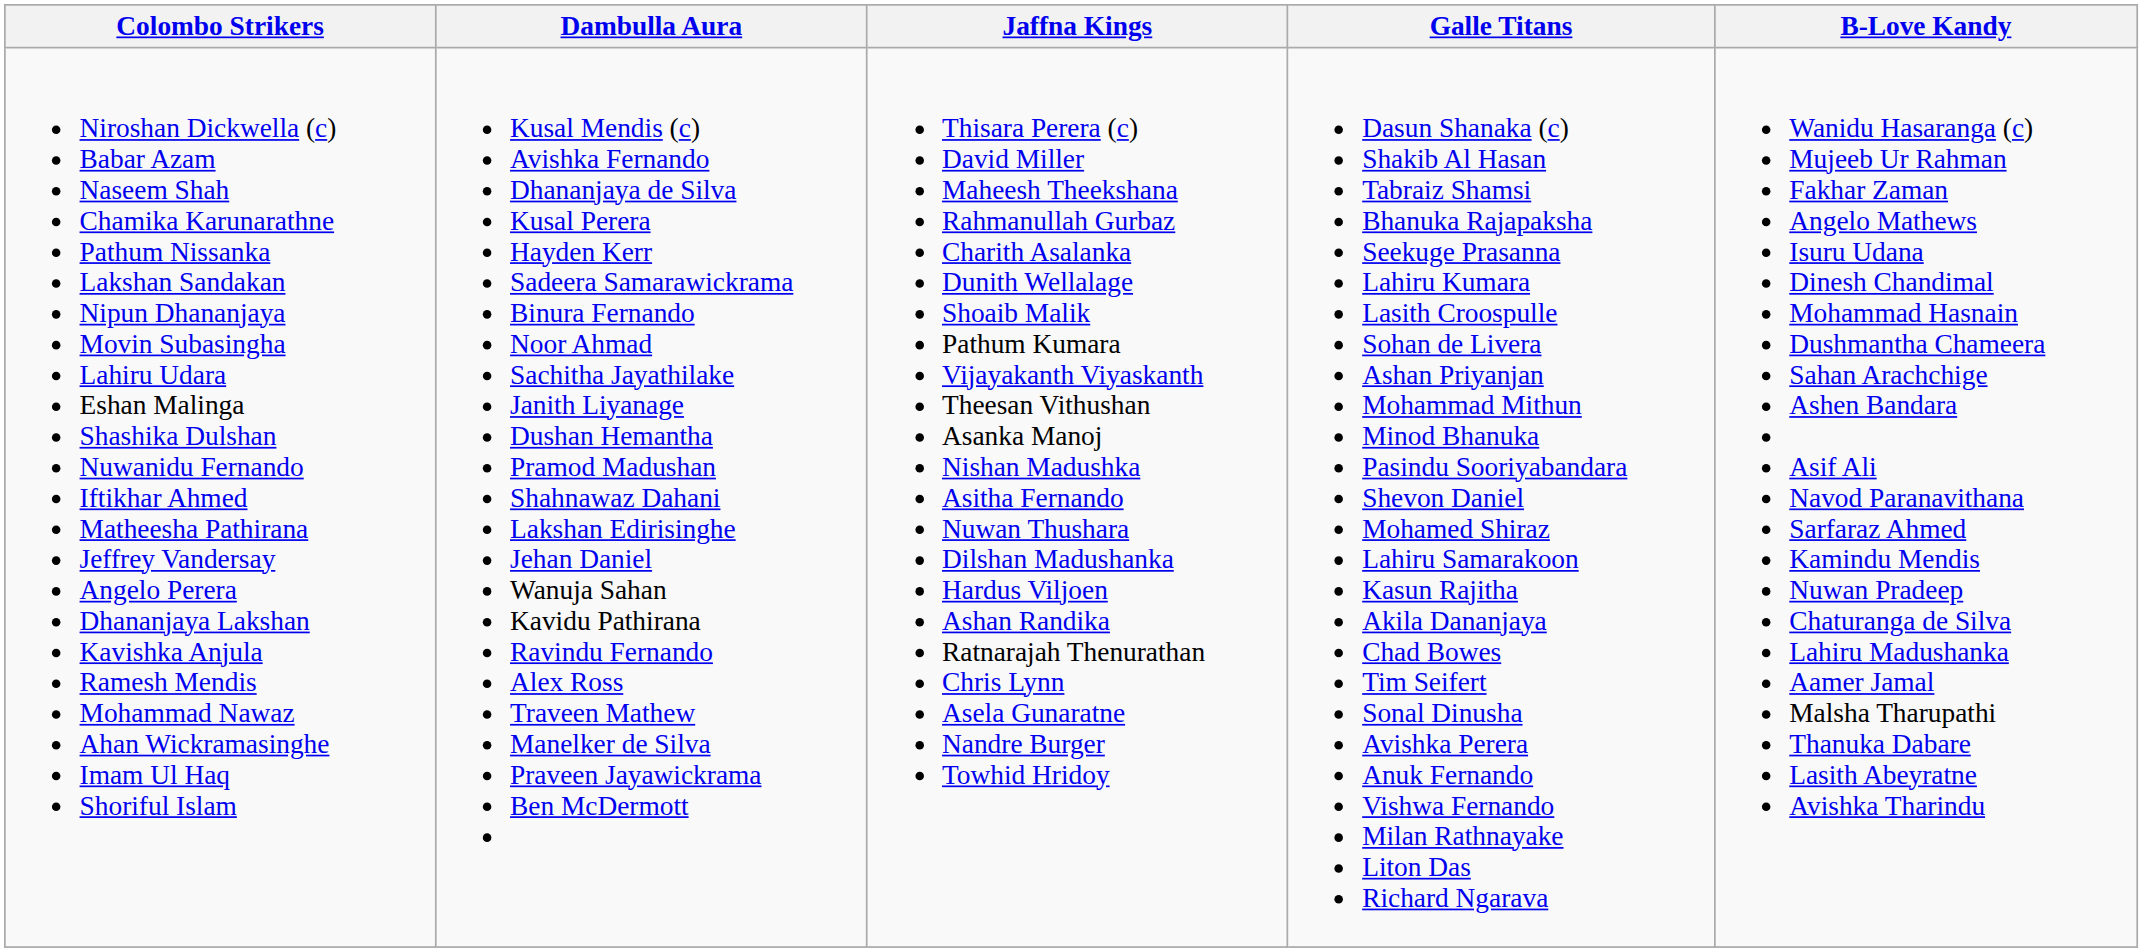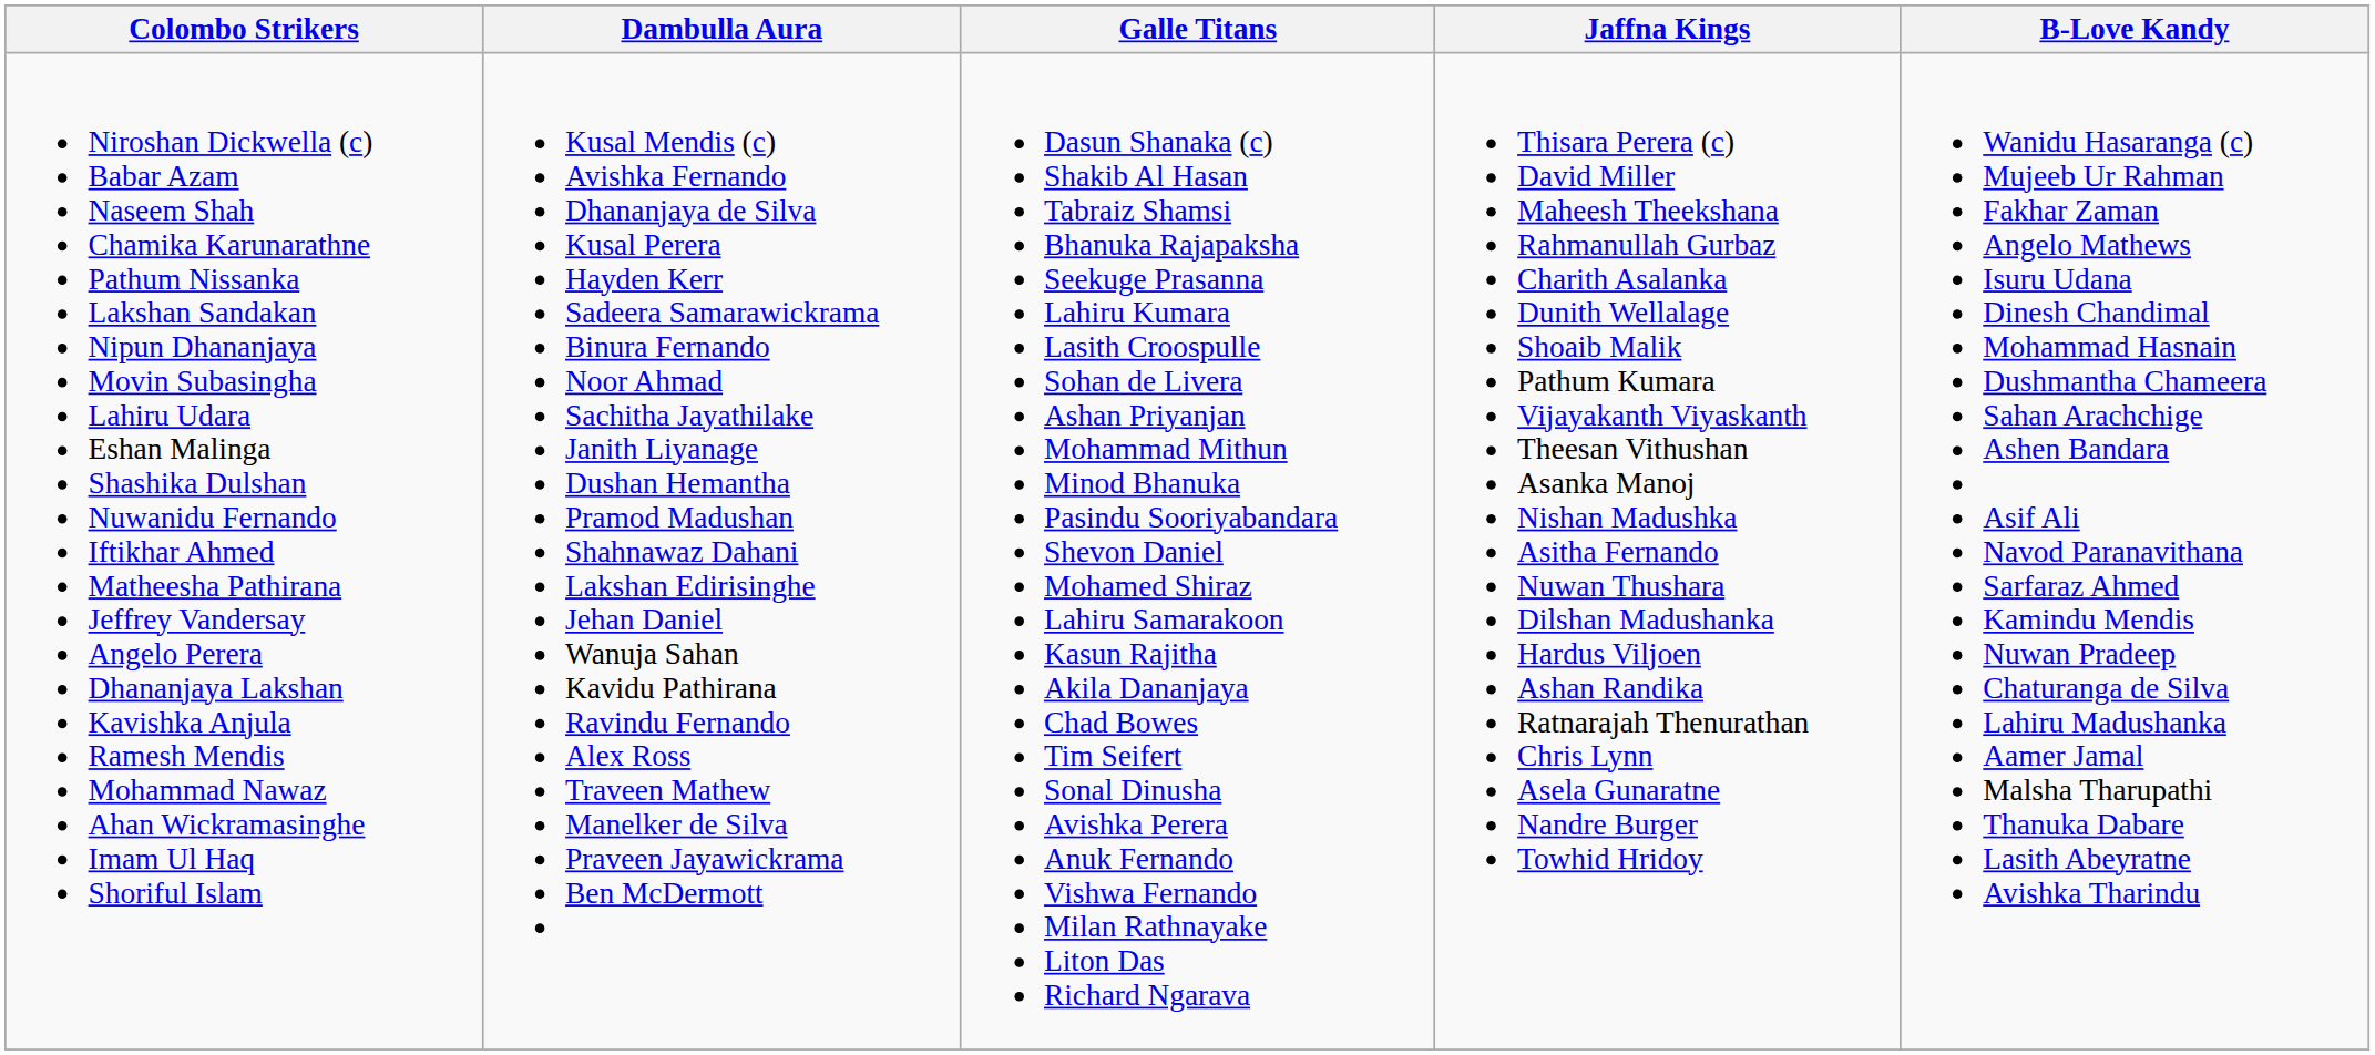 <table class="wikitable">
 <tr>
 <th style="width:280px;"><a href='#'>Colombo Strikers</a></th>
 <th style="width:280px;"><a href='#'>Dambulla Aura</a></th>
+<th style="width:280px;"><a href='#'>Galle Titans</a></th>
 <th style="width:280px;"><a href='#'>Jaffna Kings</a></th>
-<th style="width:280px;"><a href='#'>Galle Titans</a></th>
 <th style="width:280px;"><a href='#'>B-Love Kandy</a></th>
 </tr>
 <tr>
 <td valign=top><br><ul><li><a href='#'>Niroshan Dickwella</a> (<a href='#'>c</a>)</li><li><a href='#'>Babar Azam</a></li><li><a href='#'>Naseem Shah</a></li><li><a href='#'>Chamika Karunarathne</a></li><li><a href='#'>Pathum Nissanka</a></li><li><a href='#'>Lakshan Sandakan</a></li><li><a href='#'>Nipun Dhananjaya</a></li><li><a href='#'>Movin Subasingha</a></li><li><a href='#'>Lahiru Udara</a></li><li>Eshan Malinga</li><li><a href='#'>Shashika Dulshan</a></li><li><a href='#'>Nuwanidu Fernando</a></li><li><a href='#'>Iftikhar Ahmed</a></li><li><a href='#'>Matheesha Pathirana</a></li><li><a href='#'>Jeffrey Vandersay</a></li><li><a href='#'>Angelo Perera</a></li><li><a href='#'>Dhananjaya Lakshan</a></li><li><a href='#'>Kavishka Anjula</a></li><li><a href='#'>Ramesh Mendis</a></li><li><a href='#'>Mohammad Nawaz</a></li><li><a href='#'>Ahan Wickramasinghe</a></li><li><a href='#'>Imam Ul Haq</a></li><li><a href='#'>Shoriful Islam</a></li></ul></td>
 <td valign=top><br><ul><li><a href='#'>Kusal Mendis</a> (<a href='#'>c</a>)</li><li><a href='#'>Avishka Fernando</a></li><li><a href='#'>Dhananjaya de Silva</a></li><li><a href='#'>Kusal Perera</a></li><li><a href='#'>Hayden Kerr</a></li><li><a href='#'>Sadeera Samarawickrama</a></li><li><a href='#'>Binura Fernando</a></li><li><a href='#'>Noor Ahmad</a></li><li><a href='#'>Sachitha Jayathilake</a></li><li><a href='#'>Janith Liyanage</a></li><li><a href='#'>Dushan Hemantha</a></li><li><a href='#'>Pramod Madushan</a></li><li><a href='#'>Shahnawaz Dahani</a></li><li><a href='#'>Lakshan Edirisinghe</a></li><li><a href='#'>Jehan Daniel</a></li><li>Wanuja Sahan</li><li>Kavidu Pathirana</li><li><a href='#'>Ravindu Fernando</a></li><li><a href='#'>Alex Ross</a></li><li><a href='#'>Traveen Mathew</a></li><li><a href='#'>Manelker de Silva</a></li><li><a href='#'>Praveen Jayawickrama</a></li><li><a href='#'>Ben McDermott</a></li><li></li></ul></td>
+<td valign=top><br><ul><li><a href='#'>Dasun  Shanaka</a> (<a href='#'>c</a>)</li><li><a href='#'>Shakib Al Hasan</a></li><li><a href='#'>Tabraiz Shamsi</a></li><li><a href='#'>Bhanuka Rajapaksha</a></li><li><a href='#'>Seekuge Prasanna</a></li><li><a href='#'>Lahiru Kumara</a></li><li><a href='#'>Lasith Croospulle</a></li><li><a href='#'>Sohan de Livera</a></li><li><a href='#'>Ashan Priyanjan</a></li><li><a href='#'>Mohammad Mithun</a></li><li><a href='#'>Minod Bhanuka</a></li><li><a href='#'>Pasindu Sooriyabandara</a></li><li><a href='#'>Shevon Daniel</a></li><li><a href='#'>Mohamed Shiraz</a></li><li><a href='#'>Lahiru Samarakoon</a></li><li><a href='#'>Kasun Rajitha</a></li><li><a href='#'>Akila Dananjaya</a></li><li><a href='#'>Chad Bowes</a></li><li><a href='#'>Tim Seifert</a></li><li><a href='#'>Sonal Dinusha</a></li><li><a href='#'>Avishka Perera</a></li><li><a href='#'>Anuk Fernando</a></li><li><a href='#'>Vishwa Fernando</a></li><li><a href='#'>Milan Rathnayake</a></li><li><a href='#'>Liton Das</a></li><li><a href='#'>Richard Ngarava</a></li></ul></td>
 <td valign=top><br><ul><li><a href='#'>Thisara Perera</a> (<a href='#'>c</a>)</li><li><a href='#'>David Miller</a></li><li><a href='#'>Maheesh Theekshana</a></li><li><a href='#'>Rahmanullah Gurbaz</a></li><li><a href='#'>Charith Asalanka</a></li><li><a href='#'>Dunith Wellalage</a></li><li><a href='#'>Shoaib Malik</a></li><li>Pathum Kumara</li><li><a href='#'>Vijayakanth Viyaskanth</a></li><li>Theesan Vithushan</li><li>Asanka Manoj</li><li><a href='#'>Nishan Madushka</a></li><li><a href='#'>Asitha Fernando</a></li><li><a href='#'>Nuwan Thushara</a></li><li><a href='#'>Dilshan Madushanka</a></li><li><a href='#'>Hardus Viljoen</a></li><li><a href='#'>Ashan Randika</a></li><li>Ratnarajah Thenurathan</li><li><a href='#'>Chris Lynn</a></li><li><a href='#'>Asela Gunaratne</a></li><li><a href='#'>Nandre Burger</a></li><li><a href='#'>Towhid Hridoy</a></li></ul></td>
-<td valign=top><br><ul><li><a href='#'>Dasun  Shanaka</a> (<a href='#'>c</a>)</li><li><a href='#'>Shakib Al Hasan</a></li><li><a href='#'>Tabraiz Shamsi</a></li><li><a href='#'>Bhanuka Rajapaksha</a></li><li><a href='#'>Seekuge Prasanna</a></li><li><a href='#'>Lahiru Kumara</a></li><li><a href='#'>Lasith Croospulle</a></li><li><a href='#'>Sohan de Livera</a></li><li><a href='#'>Ashan Priyanjan</a></li><li><a href='#'>Mohammad Mithun</a></li><li><a href='#'>Minod Bhanuka</a></li><li><a href='#'>Pasindu Sooriyabandara</a></li><li><a href='#'>Shevon Daniel</a></li><li><a href='#'>Mohamed Shiraz</a></li><li><a href='#'>Lahiru Samarakoon</a></li><li><a href='#'>Kasun Rajitha</a></li><li><a href='#'>Akila Dananjaya</a></li><li><a href='#'>Chad Bowes</a></li><li><a href='#'>Tim Seifert</a></li><li><a href='#'>Sonal Dinusha</a></li><li><a href='#'>Avishka Perera</a></li><li><a href='#'>Anuk Fernando</a></li><li><a href='#'>Vishwa Fernando</a></li><li><a href='#'>Milan Rathnayake</a></li><li><a href='#'>Liton Das</a></li><li><a href='#'>Richard Ngarava</a></li></ul></td>
 <td valign=top><br><ul><li><a href='#'>Wanidu Hasaranga</a> (<a href='#'>c</a>)</li><li><a href='#'>Mujeeb Ur Rahman</a></li><li><a href='#'>Fakhar Zaman</a></li><li><a href='#'>Angelo Mathews</a></li><li><a href='#'>Isuru Udana</a></li><li><a href='#'>Dinesh Chandimal</a></li><li><a href='#'>Mohammad Hasnain</a></li><li><a href='#'>Dushmantha Chameera</a></li><li><a href='#'>Sahan Arachchige</a></li><li><a href='#'>Ashen Bandara</a></li><li></li><li><a href='#'>Asif Ali</a></li><li><a href='#'>Navod Paranavithana</a></li><li><a href='#'>Sarfaraz Ahmed</a></li><li><a href='#'>Kamindu Mendis</a></li><li><a href='#'>Nuwan Pradeep</a></li><li><a href='#'>Chaturanga de Silva</a></li><li><a href='#'>Lahiru Madushanka</a></li><li><a href='#'>Aamer Jamal</a></li><li>Malsha Tharupathi</li><li><a href='#'>Thanuka Dabare</a></li><li><a href='#'>Lasith Abeyratne</a></li><li><a href='#'>Avishka Tharindu</a></li></ul></td>
 </tr>
 </table>
